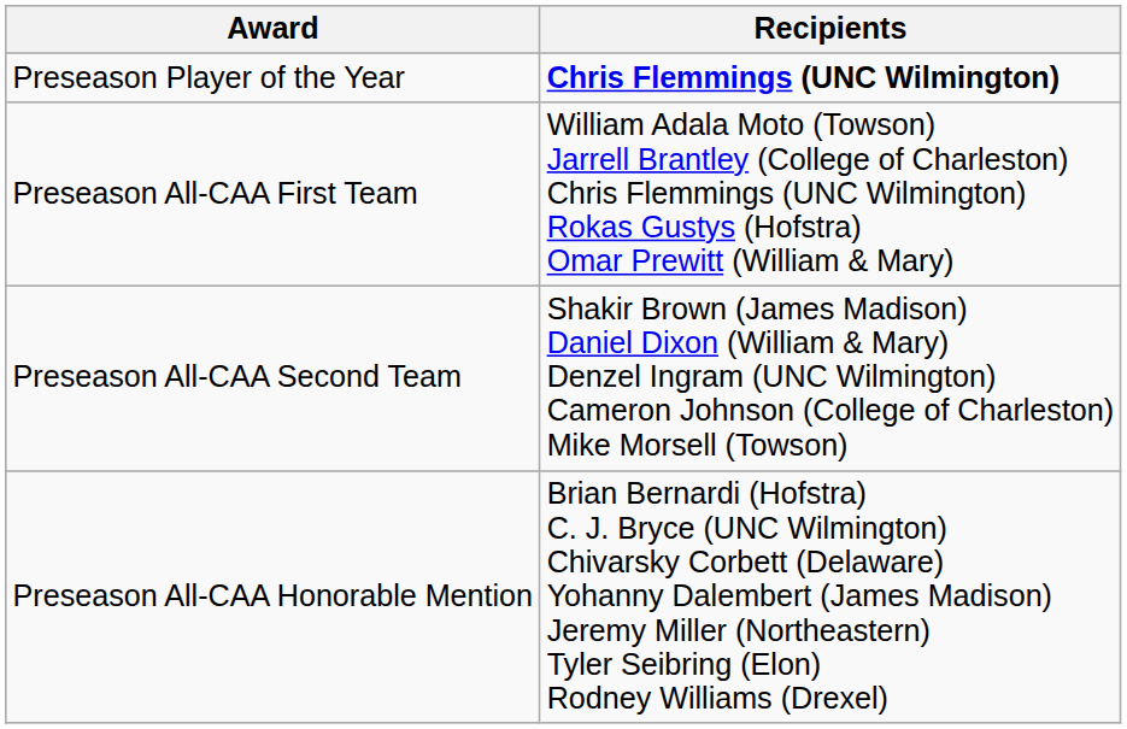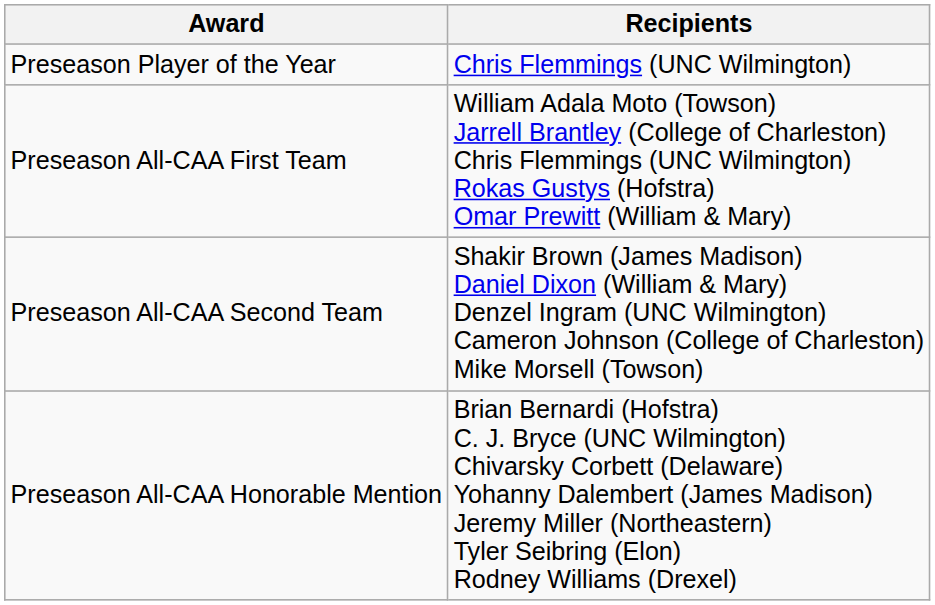 <table class="wikitable" style="white-space:nowrap;">
 <tr>
 <th>Award</th>
 <th>Recipients</th>
 </tr>
 <tr>
 <td>Preseason Player of the Year</td>
-<td><strong><a href='#'>Chris Flemmings</a> (UNC Wilmington)</strong></td>
+<td><a href='#'>Chris Flemmings</a> (UNC Wilmington)</td>
 </tr>
 <tr>
 <td>Preseason All-CAA First Team</td>
 <td>William Adala Moto (Towson)<br> <a href='#'>Jarrell Brantley</a> (College of Charleston)<br> Chris Flemmings (UNC Wilmington)<br> <a href='#'>Rokas Gustys</a> (Hofstra)<br> <a href='#'>Omar Prewitt</a> (William & Mary)</td>
 </tr>
 <tr>
 <td>Preseason All-CAA Second Team</td>
 <td>Shakir Brown (James Madison)<br> <a href='#'>Daniel Dixon</a> (William & Mary)<br> Denzel Ingram (UNC Wilmington)<br> Cameron Johnson (College of Charleston)<br> Mike Morsell (Towson)</td>
 </tr>
 <tr>
 <td>Preseason All-CAA Honorable Mention</td>
 <td>Brian Bernardi (Hofstra)<br> C. J. Bryce (UNC Wilmington)<br> Chivarsky Corbett (Delaware)<br> Yohanny Dalembert (James Madison)<br> Jeremy Miller (Northeastern)<br> Tyler Seibring (Elon)<br> Rodney Williams (Drexel)</td>
 </tr>
 </table>
